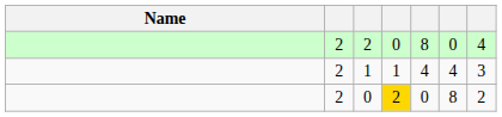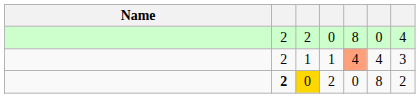 <table class=wikitable style="text-align:center">
 <tr>
 <th width=300>Name</th>
 <th width=20></th>
 <th width=20></th>
 <th width=20></th>
 <th width=20></th>
 <th width=20></th>
 <th width=20></th>
 </tr>
 <tr style="background-color:#ccffcc;">
 <td style="text-align:left;"></td>
 <td>2</td>
 <td>2</td>
 <td>0</td>
 <td>8</td>
 <td>0</td>
 <td>4</td>
 </tr>
 <tr>
 <td style="text-align:left;"></td>
 <td>2</td>
 <td>1</td>
 <td>1</td>
-<td>4</td>
+<td style="background: lightsalmon;">4</td>
 <td>4</td>
 <td>3</td>
 </tr>
 <tr>
 <td style="text-align:left;"></td>
+<td><strong>2</strong></td>
+<td style="background: gold;">0</td>
 <td>2</td>
-<td>0</td>
-<td style="background: gold;">2</td>
 <td>0</td>
 <td>8</td>
 <td>2</td>
 </tr>
 </table>
